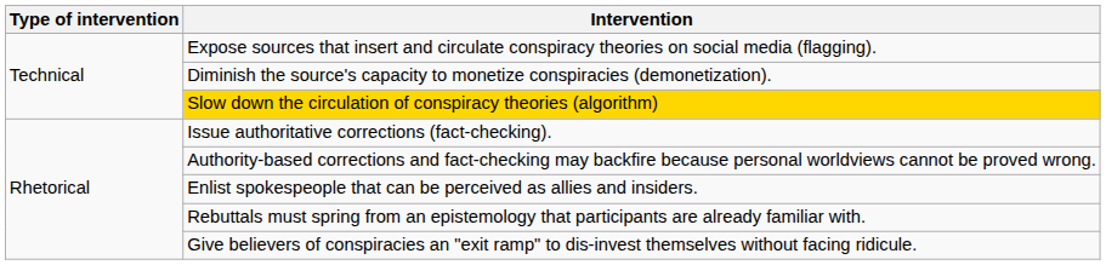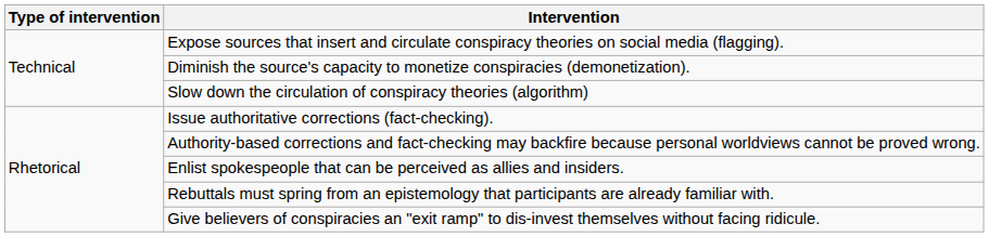 <table class="wikitable">
 <tr>
 <th>Type of intervention</th>
 <th>Intervention</th>
 </tr>
 <tr>
 <td rowspan="3">Technical</td>
 <td>Expose sources that insert and circulate conspiracy theories on social media (flagging).</td>
 </tr>
 <tr>
 <td>Diminish the source's capacity to monetize conspiracies (demonetization).</td>
 </tr>
 <tr>
-<td style="background: gold;">Slow down the circulation of conspiracy theories (algorithm)</td>
+<td>Slow down the circulation of conspiracy theories (algorithm)</td>
 </tr>
 <tr>
 <td rowspan="5">Rhetorical</td>
 <td>Issue authoritative corrections (fact-checking).</td>
 </tr>
 <tr>
 <td>Authority-based corrections and fact-checking may backfire because personal worldviews cannot be proved wrong.</td>
 </tr>
 <tr>
 <td>Enlist spokespeople that can be perceived as allies and insiders.</td>
 </tr>
 <tr>
 <td>Rebuttals must spring from an epistemology that participants are already familiar with.</td>
 </tr>
 <tr>
 <td>Give believers of conspiracies an "exit ramp" to dis-invest themselves without facing ridicule.</td>
 </tr>
 </table>
